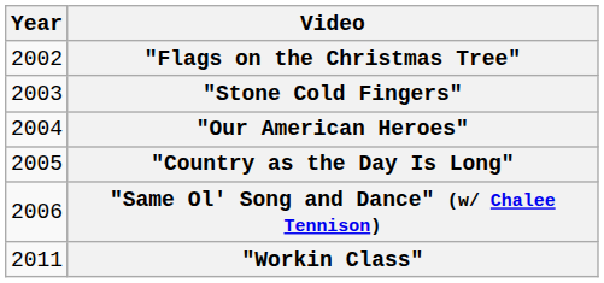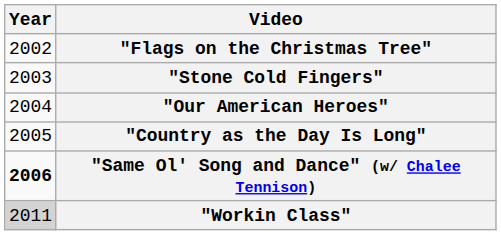 <table class="wikitable plainrowheaders">
 <tr>
 <th>Year</th>
 <th style="width:24em;">Video</th>
 </tr>
 <tr>
 <td>2002</td>
 <th scope="row">"Flags on the Christmas Tree"</th>
 </tr>
 <tr>
 <td>2003</td>
 <th scope="row">"Stone Cold Fingers"</th>
 </tr>
 <tr>
 <td>2004</td>
 <th scope="row">"Our American Heroes"</th>
 </tr>
 <tr>
 <td>2005</td>
 <th scope="row">"Country as the Day Is Long"</th>
 </tr>
 <tr>
-<td>2006</td>
+<td><strong>2006</strong></td>
 <th scope="row">"Same Ol' Song and Dance" <small>(w/ <a href='#'>Chalee Tennison</a>)</small></th>
 </tr>
 <tr>
-<td>2011</td>
+<td style="background: lightgrey;">2011</td>
 <th scope="row">"Workin Class"</th>
 </tr>
 </table>
